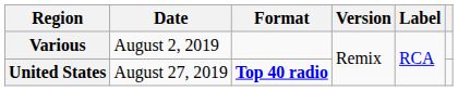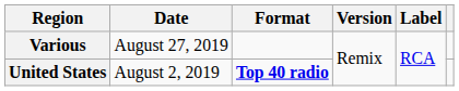 <table class="wikitable plainrowheaders">
 <tr>
 <th scope="col">Region</th>
 <th scope="col">Date</th>
 <th scope="col">Format</th>
 <th scope="col">Version</th>
 <th scope="col">Label</th>
 <th scope="col"></th>
 </tr>
 <tr>
 <th scope="row">Various</th>
-<td>August 2, 2019</td>
+<td>August 27, 2019</td>
 <td></td>
 <td rowspan="2">Remix</td>
 <td rowspan="2"><a href='#'>RCA</a></td>
 <td align="center"></td>
 </tr>
 <tr>
 <th scope="row">United States</th>
-<td>August 27, 2019</td>
+<td>August 2, 2019</td>
 <td><strong><a href='#'>Top 40 radio</a></strong></td>
 <td align="center"></td>
 </tr>
 </table>
